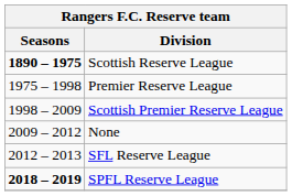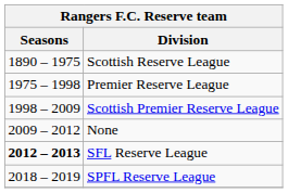 <table class="wikitable">
 <tr>
 <th colspan=3>Rangers F.C. Reserve team</th>
 </tr>
 <tr>
 <th scope="col">Seasons</th>
 <th scope="col">Division</th>
 </tr>
 <tr>
-<td><strong>1890 – 1975</strong></td>
+<td>1890 – 1975</td>
 <td>Scottish Reserve League</td>
 </tr>
 <tr>
 <td>1975 – 1998</td>
 <td>Premier Reserve League</td>
 </tr>
 <tr>
 <td>1998 – 2009</td>
 <td><a href='#'>Scottish Premier Reserve League</a></td>
 </tr>
 <tr>
 <td>2009 – 2012</td>
 <td>None</td>
 </tr>
 <tr>
-<td>2012 – 2013</td>
+<td><strong>2012 – 2013</strong></td>
 <td><a href='#'>SFL</a> Reserve League</td>
 </tr>
 <tr>
-<td><strong>2018 – 2019</strong></td>
+<td>2018 – 2019</td>
 <td><a href='#'>SPFL Reserve League</a></td>
 </tr>
 <tr>
 </tr>
 </table>
